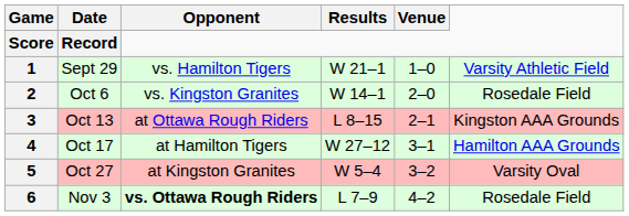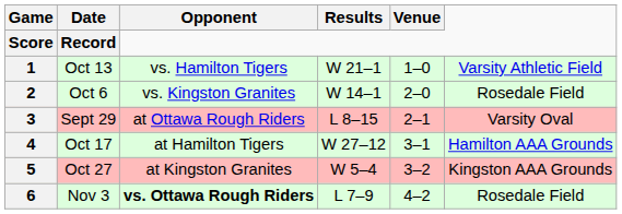 <table class="wikitable" style="text-align:center">
 <tr>
 <th>Game</th>
 <th>Date</th>
 <th>Opponent</th>
 <th>Results</th>
 <th>Venue</th>
 </tr>
 <tr>
 <th>Score</th>
 <th>Record</th>
 </tr>
 <tr style="background:#ddffdd">
 <th>1</th>
-<td>Sept 29</td>
+<td>Oct 13</td>
 <td>vs. <a href='#'>Hamilton Tigers</a></td>
 <td>W 21–1</td>
 <td>1–0</td>
 <td><a href='#'>Varsity Athletic Field</a></td>
 </tr>
 <tr style="background:#ddffdd">
 <th>2</th>
 <td>Oct 6</td>
 <td>vs. <a href='#'>Kingston Granites</a></td>
 <td>W 14–1</td>
 <td>2–0</td>
 <td>Rosedale Field</td>
 </tr>
 <tr style="background:#ffbbbb">
 <th>3</th>
-<td>Oct 13</td>
+<td>Sept 29</td>
 <td>at <a href='#'>Ottawa Rough Riders</a></td>
 <td>L 8–15</td>
 <td>2–1</td>
-<td>Kingston AAA Grounds</td>
+<td>Varsity Oval</td>
 </tr>
 <tr style="background:#ddffdd">
 <th>4</th>
 <td>Oct 17</td>
 <td>at Hamilton Tigers</td>
 <td>W 27–12</td>
 <td>3–1</td>
 <td><a href='#'>Hamilton AAA Grounds</a></td>
 </tr>
 <tr style="background:#ffbbbb">
 <th>5</th>
 <td>Oct 27</td>
 <td>at Kingston Granites</td>
 <td>W 5–4</td>
 <td>3–2</td>
-<td>Varsity Oval</td>
+<td>Kingston AAA Grounds</td>
 </tr>
 <tr style="background:#ddffdd">
 <th>6</th>
 <td>Nov 3</td>
 <td><strong>vs. Ottawa Rough Riders</strong></td>
 <td>L 7–9</td>
 <td>4–2</td>
 <td>Rosedale Field</td>
 </tr>
 </table>
